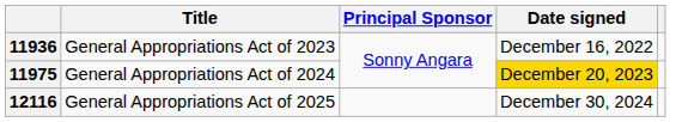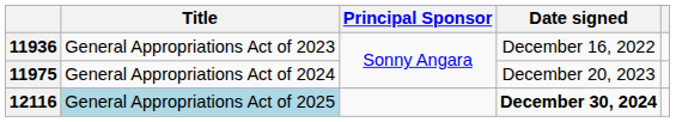 <table class="wikitable sortable" style="text-align:center;">
 <tr>
 <th scope="col"></th>
 <th scope="col">Title</th>
 <th scope="col"><a href='#'>Principal Sponsor</a></th>
 <th scope="col">Date signed</th>
 <th scope="col"></th>
 </tr>
 <tr>
 <th scope="row">11936</th>
 <td>General Appropriations Act of 2023</td>
 <td rowspan="2"><a href='#'>Sonny Angara</a></td>
 <td>December 16, 2022</td>
 <td></td>
 </tr>
 <tr>
 <th scope="row">11975</th>
 <td>General Appropriations Act of 2024</td>
-<td style="background: gold;">December 20, 2023</td>
+<td>December 20, 2023</td>
 <td></td>
 </tr>
 <tr>
 <th scope="row">12116</th>
-<td>General Appropriations Act of 2025</td>
+<td style="background: lightblue;">General Appropriations Act of 2025</td>
 <td></td>
-<td>December 30, 2024</td>
+<td><strong>December 30, 2024</strong></td>
 <td></td>
 </tr>
 </table>
